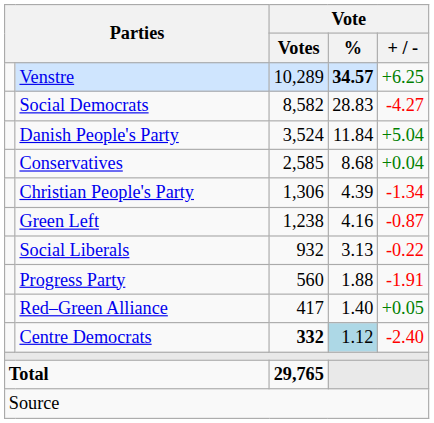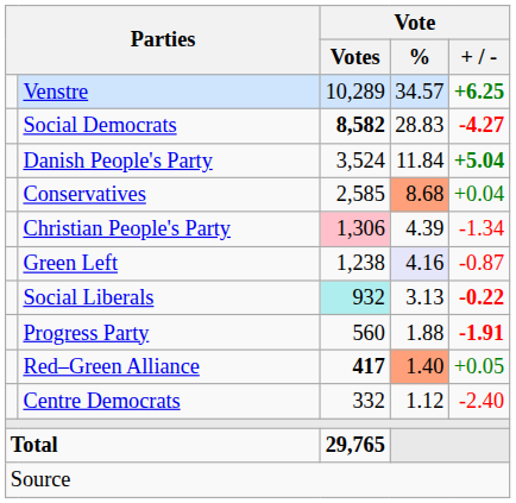 <table class="wikitable" style="text-align:right;">
 <tr>
 <th style="text-align:centre;" rowspan="2" colspan="2" width="225">Parties</th>
 <th colspan="3">Vote</th>
 </tr>
 <tr>
 <th width="15">Votes</th>
 <th width="15">%</th>
 <th width="15">+ / -</th>
 </tr>
 <tr>
 <td width="2" style="color:inherit;background:"></td>
 <td bgcolor=#cfe5fe  align="left"><a href='#'>Venstre</a></td>
 <td bgcolor=#cfe5fe>10,289</td>
-<td bgcolor=#cfe5fe><strong>34.57</strong></td>
-<td style=color:green;>+6.25</td>
+<td bgcolor=#cfe5fe>34.57</td>
+<td style=color:green;><strong>+6.25</strong></td>
 </tr>
 <tr>
 <td width="2" style="color:inherit;background:"></td>
 <td align="left"><a href='#'>Social Democrats</a></td>
-<td>8,582</td>
+<td><strong>8,582</strong></td>
 <td>28.83</td>
-<td style=color:red;>-4.27</td>
+<td style=color:red;><strong>-4.27</strong></td>
 </tr>
 <tr>
 <td width="2" style="color:inherit;background:"></td>
 <td align="left"><a href='#'>Danish People's Party</a></td>
 <td>3,524</td>
 <td>11.84</td>
-<td style=color:green;>+5.04</td>
+<td style=color:green;><strong>+5.04</strong></td>
 </tr>
 <tr>
 <td width="2" style="color:inherit;background:"></td>
 <td align="left"><a href='#'>Conservatives</a></td>
 <td>2,585</td>
-<td>8.68</td>
+<td style="background: lightsalmon;">8.68</td>
 <td style=color:green;>+0.04</td>
 </tr>
 <tr>
 <td width="2" style="color:inherit;background:"></td>
 <td align="left"><a href='#'>Christian People's Party</a></td>
-<td>1,306</td>
+<td style="background: pink;">1,306</td>
 <td>4.39</td>
 <td style=color:red;>-1.34</td>
 </tr>
 <tr>
 <td width="2" style="color:inherit;background:"></td>
 <td align="left"><a href='#'>Green Left</a></td>
 <td>1,238</td>
-<td>4.16</td>
+<td style="background: lavender;">4.16</td>
 <td style=color:red;>-0.87</td>
 </tr>
 <tr>
 <td width="2" style="color:inherit;background:"></td>
 <td align="left"><a href='#'>Social Liberals</a></td>
-<td>932</td>
+<td style="background: paleturquoise;">932</td>
 <td>3.13</td>
-<td style=color:red;>-0.22</td>
+<td style=color:red;><strong>-0.22</strong></td>
 </tr>
 <tr>
 <td width="2" style="color:inherit;background:"></td>
 <td align="left"><a href='#'>Progress Party</a></td>
 <td>560</td>
 <td>1.88</td>
-<td style=color:red;>-1.91</td>
+<td style=color:red;><strong>-1.91</strong></td>
 </tr>
 <tr>
 <td width="2" style="color:inherit;background:"></td>
 <td align="left"><a href='#'>Red–Green Alliance</a></td>
-<td>417</td>
-<td>1.40</td>
+<td><strong>417</strong></td>
+<td style="background: lightsalmon;">1.40</td>
 <td style=color:green;>+0.05</td>
 </tr>
 <tr>
 <td width="2" style="color:inherit;background:"></td>
 <td align="left"><a href='#'>Centre Democrats</a></td>
-<td><strong>332</strong></td>
-<td style="background: lightblue;">1.12</td>
+<td>332</td>
+<td>1.12</td>
 <td style=color:red;>-2.40</td>
 </tr>
 <tr>
 <td colspan="7" bgcolor="#E9E9E9"></td>
 </tr>
 <tr>
 <td align="left" colspan="2"><strong>Total</strong></td>
 <td><strong>29,765</strong></td>
 <td bgcolor="#E9E9E9" colspan="2"></td>
 </tr>
 <tr>
 <td align="left" colspan="6">Source</td>
 </tr>
 </table>
